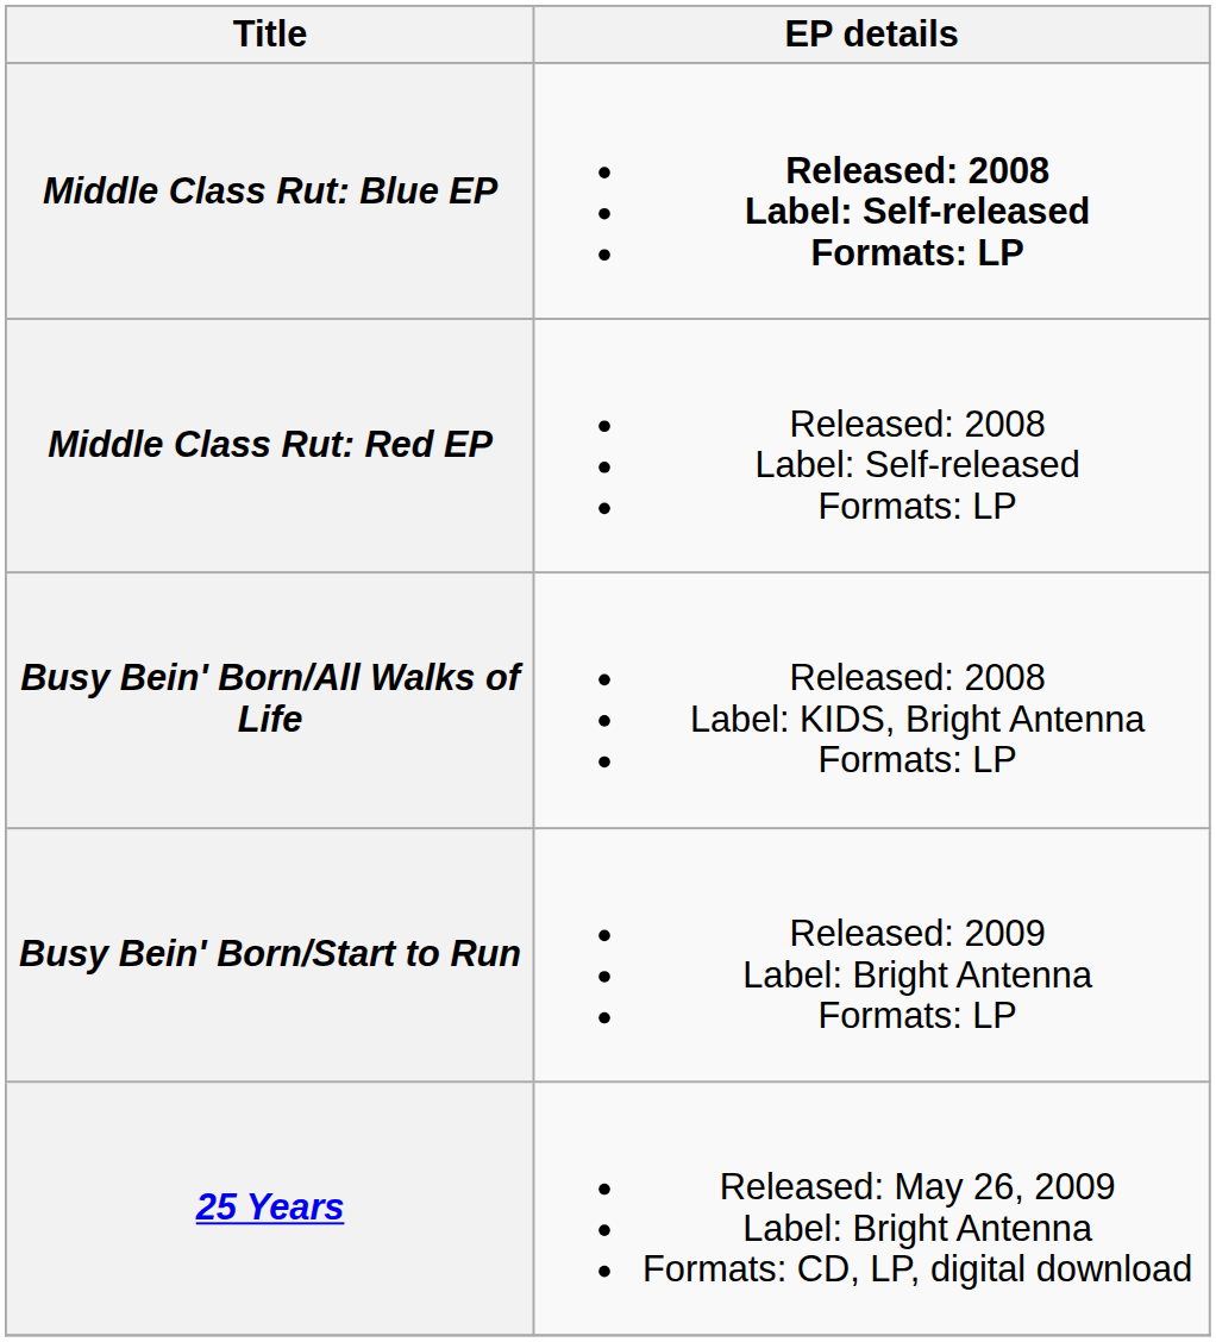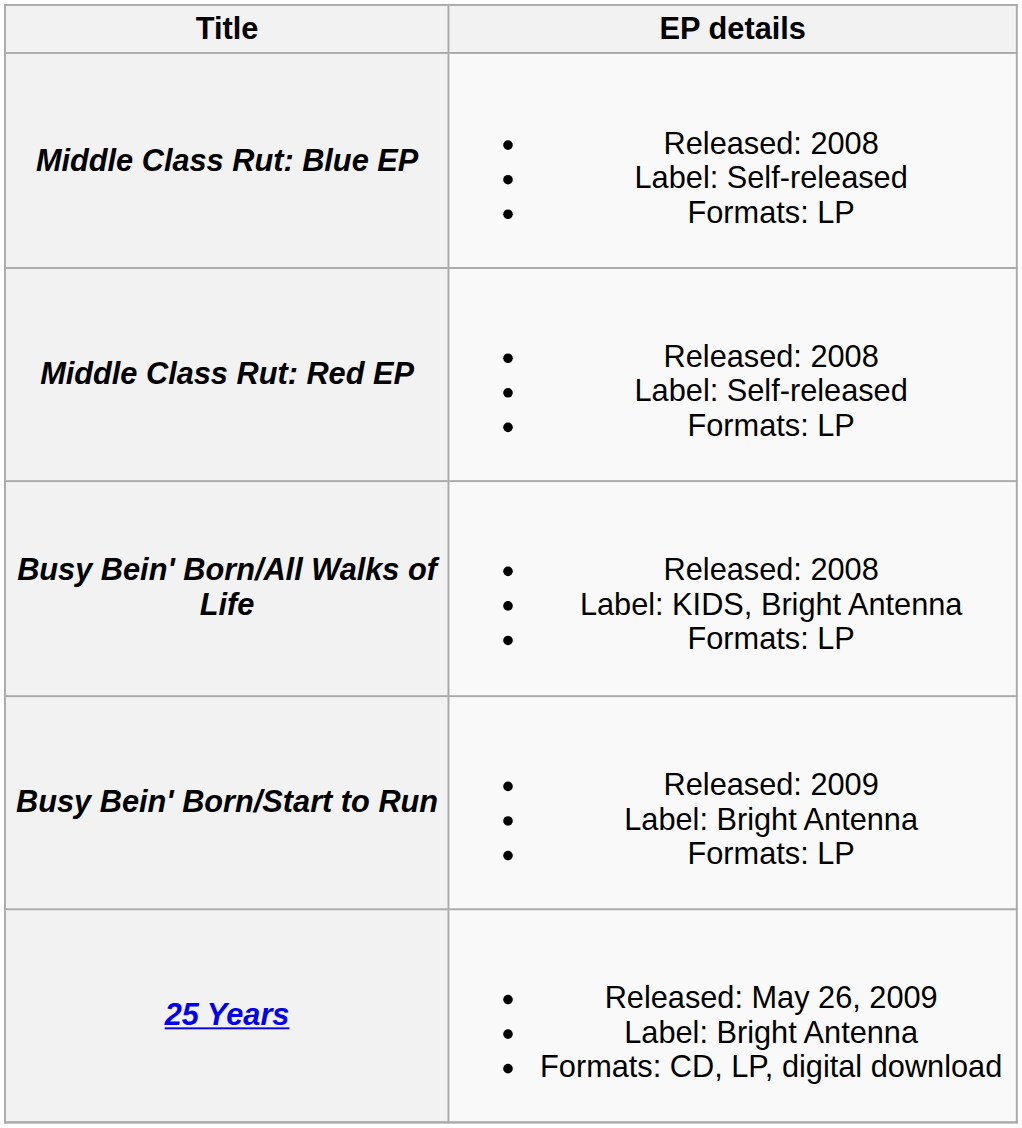 <table class="wikitable plainrowheaders" style="text-align:center;">
 <tr>
 <th scope="col" style="width:14em;">Title</th>
 <th scope="col" style="width:18em;">EP details</th>
 </tr>
 <tr>
 <th scope="row"><em>Middle Class Rut: Blue EP</em></th>
-<td><strong><br><ul><li>Released: 2008</li><li>Label: Self-released</li><li>Formats: LP</li></ul></strong></td>
+<td><br><ul><li>Released: 2008</li><li>Label: Self-released</li><li>Formats: LP</li></ul></td>
 </tr>
 <tr>
 <th scope="row"><em>Middle Class Rut: Red EP</em></th>
 <td><br><ul><li>Released: 2008</li><li>Label: Self-released</li><li>Formats: LP</li></ul></td>
 </tr>
 <tr>
 <th scope="row"><em>Busy Bein' Born/All Walks of Life</em></th>
 <td><br><ul><li>Released: 2008</li><li>Label: KIDS, Bright Antenna</li><li>Formats: LP</li></ul></td>
 </tr>
 <tr>
 <th scope="row"><em>Busy Bein' Born/Start to Run</em></th>
 <td><br><ul><li>Released: 2009</li><li>Label: Bright Antenna</li><li>Formats: LP</li></ul></td>
 </tr>
 <tr>
 <th scope="row"><em><a href='#'>25 Years</a></em></th>
 <td><br><ul><li>Released: May 26, 2009</li><li>Label: Bright Antenna</li><li>Formats: CD, LP, digital download</li></ul></td>
 </tr>
 <tr>
 </tr>
 </table>
